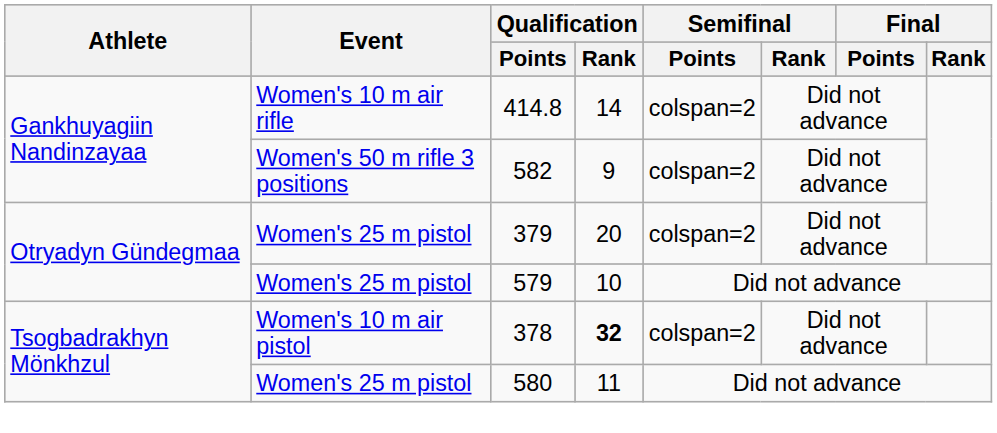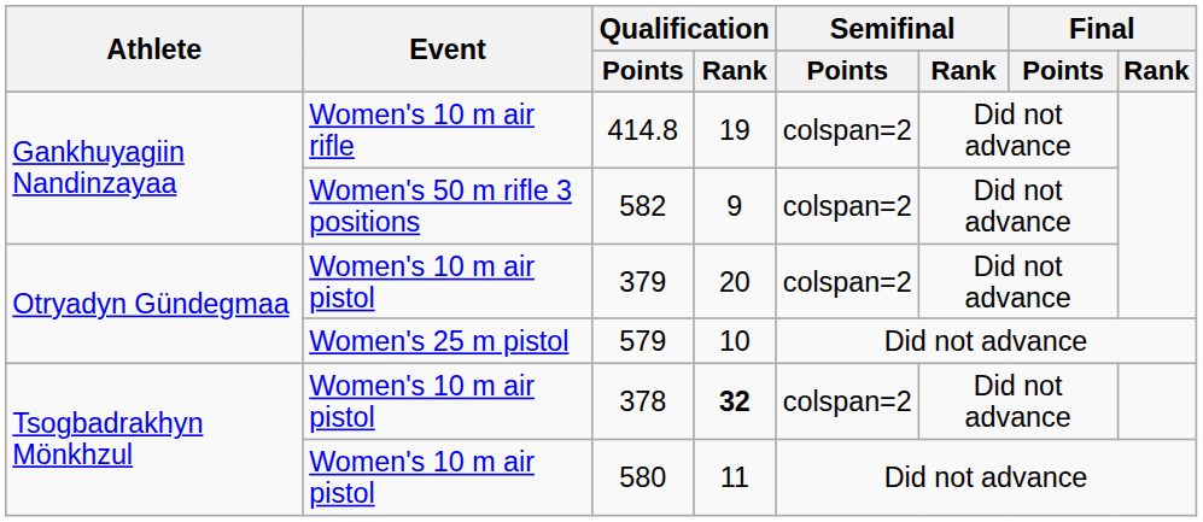 <table class="wikitable" style="font-size:90%">
 <tr>
 <th rowspan="2">Athlete</th>
 <th rowspan="2">Event</th>
 <th colspan=2>Qualification</th>
 <th colspan=2>Semifinal</th>
 <th colspan=2>Final</th>
 </tr>
 <tr style="font-size:95%">
 <th>Points</th>
 <th>Rank</th>
 <th>Points</th>
 <th>Rank</th>
 <th>Points</th>
 <th>Rank</th>
 </tr>
 <tr align=center>
 <td align=left rowspan=2><a href='#'>Gankhuyagiin Nandinzayaa</a></td>
 <td align=left><a href='#'>Women's 10 m air rifle</a></td>
 <td>414.8</td>
-<td>14</td>
+<td>19</td>
 <td>colspan=2 </td>
 <td colspan=2>Did not advance</td>
 </tr>
 <tr align=center>
 <td align=left><a href='#'>Women's 50 m rifle 3 positions</a></td>
 <td>582</td>
 <td>9</td>
 <td>colspan=2 </td>
 <td colspan=2>Did not advance</td>
 </tr>
 <tr align=center>
 <td align=left rowspan=2><a href='#'>Otryadyn Gündegmaa</a></td>
-<td align=left><a href='#'>Women's 25 m pistol</a></td>
+<td align=left><a href='#'>Women's 10 m air pistol</a></td>
 <td>379</td>
 <td>20</td>
 <td>colspan=2 </td>
 <td colspan=2>Did not advance</td>
 </tr>
 <tr align=center>
 <td align=left><a href='#'>Women's 25 m pistol</a></td>
 <td>579</td>
 <td>10</td>
 <td colspan=4>Did not advance</td>
 </tr>
 <tr align=center>
 <td align=left rowspan=2><a href='#'>Tsogbadrakhyn Mönkhzul</a></td>
 <td align=left><a href='#'>Women's 10 m air pistol</a></td>
 <td>378</td>
 <td><strong>32</strong></td>
 <td>colspan=2 </td>
 <td colspan=2>Did not advance</td>
 </tr>
 <tr align=center>
-<td align=left><a href='#'>Women's 25 m pistol</a></td>
+<td align=left><a href='#'>Women's 10 m air pistol</a></td>
 <td>580</td>
 <td>11</td>
 <td colspan=4>Did not advance</td>
 </tr>
 </table>
